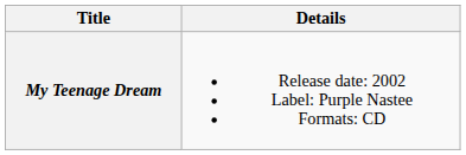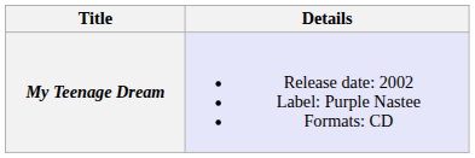 <table class="wikitable plainrowheaders" style="text-align:center;">
 <tr>
 <th scope="col" style="width:10em;">Title</th>
 <th scope="col" style="width:16em;">Details</th>
 </tr>
 <tr>
 <th scope="row"><em>My Teenage Dream</em></th>
-<td><br><ul><li>Release date: 2002</li><li>Label: Purple Nastee</li><li>Formats: CD</li></ul></td>
+<td style="background: lavender;"><br><ul><li>Release date: 2002</li><li>Label: Purple Nastee</li><li>Formats: CD</li></ul></td>
 </tr>
 </table>
